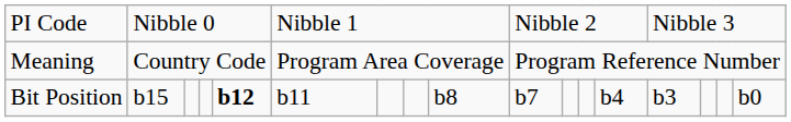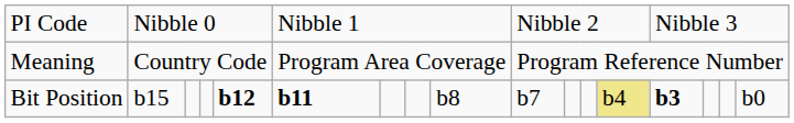 <table class="wikitable">
 <tr>
 <td>PI Code</td>
 <td colspan="4">Nibble 0</td>
 <td colspan="4">Nibble 1</td>
 <td colspan="4">Nibble 2</td>
 <td colspan="4">Nibble 3</td>
 </tr>
 <tr>
 <td>Meaning</td>
 <td colspan="4">Country Code</td>
 <td colspan="4">Program Area Coverage</td>
 <td colspan="8">Program Reference Number</td>
 </tr>
 <tr>
 <td>Bit Position</td>
 <td>b15</td>
 <td></td>
 <td></td>
 <td><strong>b12</strong></td>
-<td>b11</td>
+<td><strong>b11</strong></td>
 <td></td>
 <td></td>
 <td>b8</td>
 <td>b7</td>
 <td></td>
 <td></td>
-<td>b4</td>
-<td>b3</td>
+<td style="background: khaki;">b4</td>
+<td><strong>b3</strong></td>
 <td></td>
 <td></td>
 <td>b0</td>
 </tr>
 </table>
